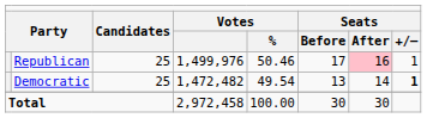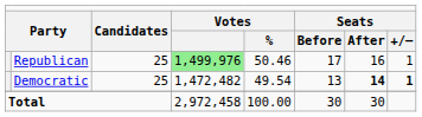 <table class="wikitable">
 <tr>
 <td colspan=13 align=center></td>
 </tr>
 <tr>
 <th rowspan="2" colspan="2">Party</th>
 <th rowspan="2">Candidates</th>
 <th colspan="2">Votes</th>
 <th colspan="3">Seats</th>
 </tr>
 <tr>
 <th></th>
 <th>%</th>
 <th>Before</th>
 <th>After</th>
 <th>+/–</th>
 </tr>
 <tr>
 <th style="background-color:"></th>
 <td><a href='#'>Republican</a></td>
 <td align="right">25</td>
-<td align="right">1,499,976</td>
+<td align="right" style="background: lightgreen;">1,499,976</td>
 <td align="right">50.46</td>
 <td align="right" >17</td>
-<td align="right"  style="background: pink;">16</td>
+<td align="right" >16</td>
 <td align="right"> 1</td>
 </tr>
 <tr>
 <th style="background-color:"></th>
 <td><a href='#'>Democratic</a></td>
 <td align="right">25</td>
 <td align="right">1,472,482</td>
 <td align="right">49.54</td>
 <td align="right">13</td>
-<td align="right">14</td>
+<td align="right"><strong>14</strong></td>
 <td align="right"> <strong>1</strong></td>
 </tr>
 <tr>
 </tr>
 <tr>
 <td colspan="3" align="left"><strong>Total</strong></td>
 <td align="right">2,972,458</td>
 <td align="right">100.00</td>
 <td align="right">30</td>
 <td align="right">30</td>
 <td align="right"></td>
 </tr>
 </table>
